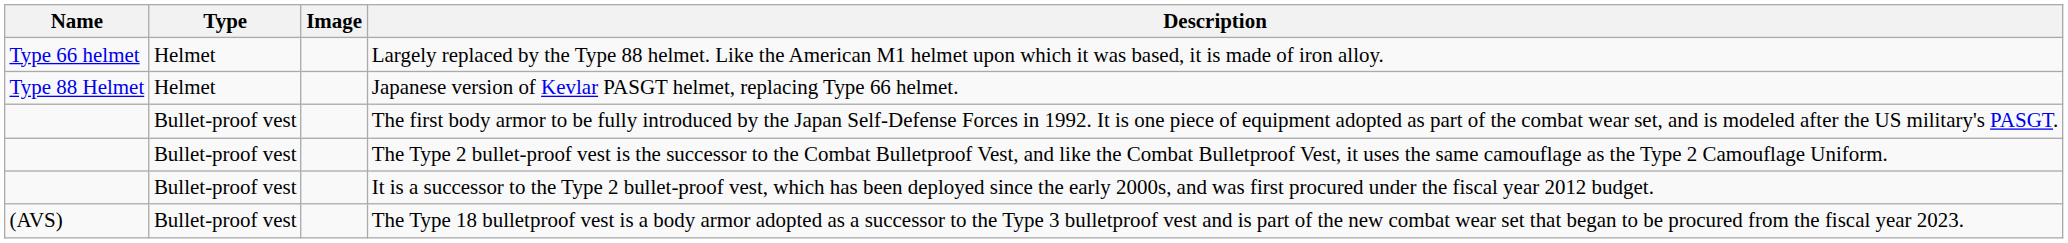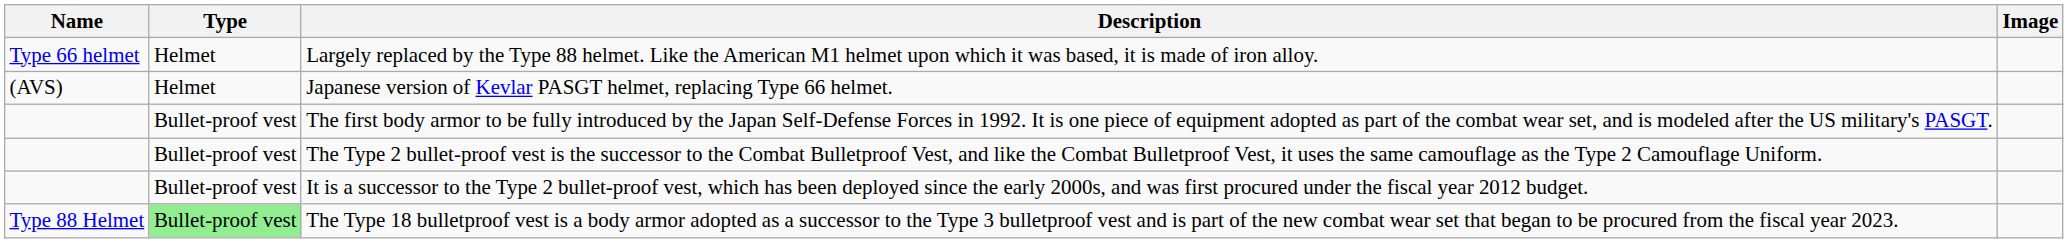 <table class="wikitable mw-collapsible">
 <tr>
 <th>Name</th>
 <th>Type</th>
+<th>Description</th>
 <th>Image</th>
-<th>Description</th>
 </tr>
 <tr>
 <td><a href='#'>Type 66 helmet</a></td>
 <td>Helmet</td>
+<td>Largely replaced by the Type 88 helmet. Like the American M1 helmet upon which it was based, it is made of iron alloy.</td>
 <td></td>
-<td>Largely replaced by the Type 88 helmet. Like the American M1 helmet upon which it was based, it is made of iron alloy.</td>
 </tr>
 <tr>
-<td><a href='#'>Type 88 Helmet</a></td>
+<td> (AVS)</td>
 <td>Helmet</td>
+<td>Japanese version of <a href='#'>Kevlar</a> PASGT helmet, replacing Type 66 helmet.</td>
 <td></td>
-<td>Japanese version of <a href='#'>Kevlar</a> PASGT helmet, replacing Type 66 helmet.</td>
 </tr>
 <tr>
 <td></td>
 <td>Bullet-proof vest</td>
+<td>The first body armor to be fully introduced by the Japan Self-Defense Forces in 1992. It is one piece of equipment adopted as part of the combat wear set, and is modeled after the US military's <a href='#'>PASGT</a>.</td>
 <td></td>
-<td>The first body armor to be fully introduced by the Japan Self-Defense Forces in 1992. It is one piece of equipment adopted as part of the combat wear set, and is modeled after the US military's <a href='#'>PASGT</a>.</td>
 </tr>
 <tr>
 <td></td>
 <td>Bullet-proof vest</td>
+<td>The Type 2 bullet-proof vest is the successor to the Combat Bulletproof Vest, and like the Combat Bulletproof Vest, it uses the same camouflage as the Type 2 Camouflage Uniform.</td>
 <td></td>
-<td>The Type 2 bullet-proof vest is the successor to the Combat Bulletproof Vest, and like the Combat Bulletproof Vest, it uses the same camouflage as the Type 2 Camouflage Uniform.</td>
 </tr>
 <tr>
 <td></td>
 <td>Bullet-proof vest</td>
+<td>It is a successor to the Type 2 bullet-proof vest, which has been deployed since the early 2000s, and was first procured under the fiscal year 2012 budget.</td>
 <td></td>
-<td>It is a successor to the Type 2 bullet-proof vest, which has been deployed since the early 2000s, and was first procured under the fiscal year 2012 budget.</td>
 </tr>
 <tr>
-<td> (AVS)</td>
-<td>Bullet-proof vest</td>
+<td><a href='#'>Type 88 Helmet</a></td>
+<td style="background: lightgreen;">Bullet-proof vest</td>
+<td>The Type 18 bulletproof vest is a body armor adopted as a successor to the Type 3 bulletproof vest and is part of the new combat wear set that began to be procured from the fiscal year 2023.</td>
 <td></td>
-<td>The Type 18 bulletproof vest is a body armor adopted as a successor to the Type 3 bulletproof vest and is part of the new combat wear set that began to be procured from the fiscal year 2023.</td>
 </tr>
 </table>
